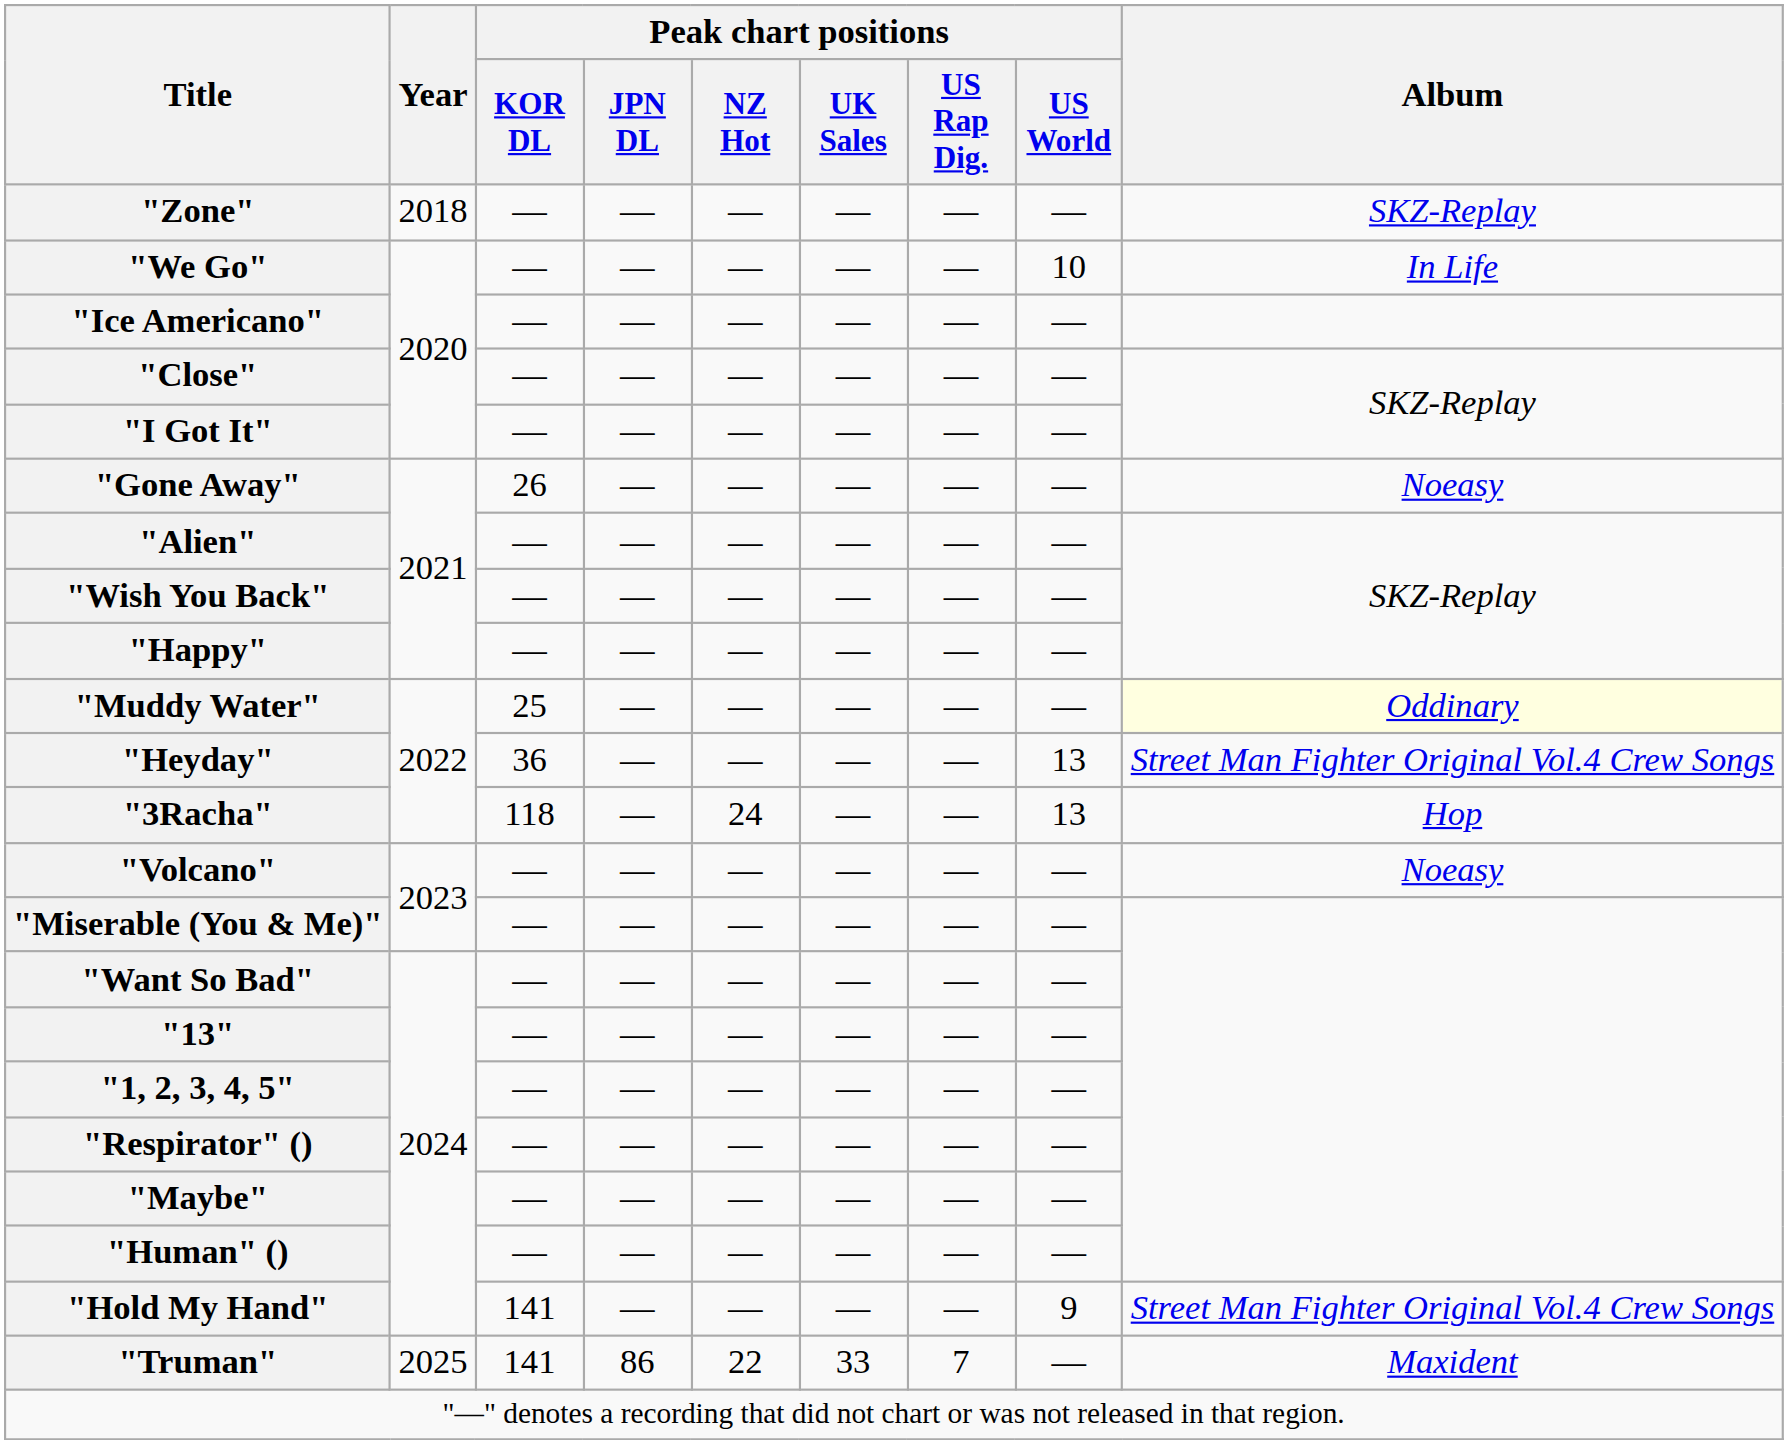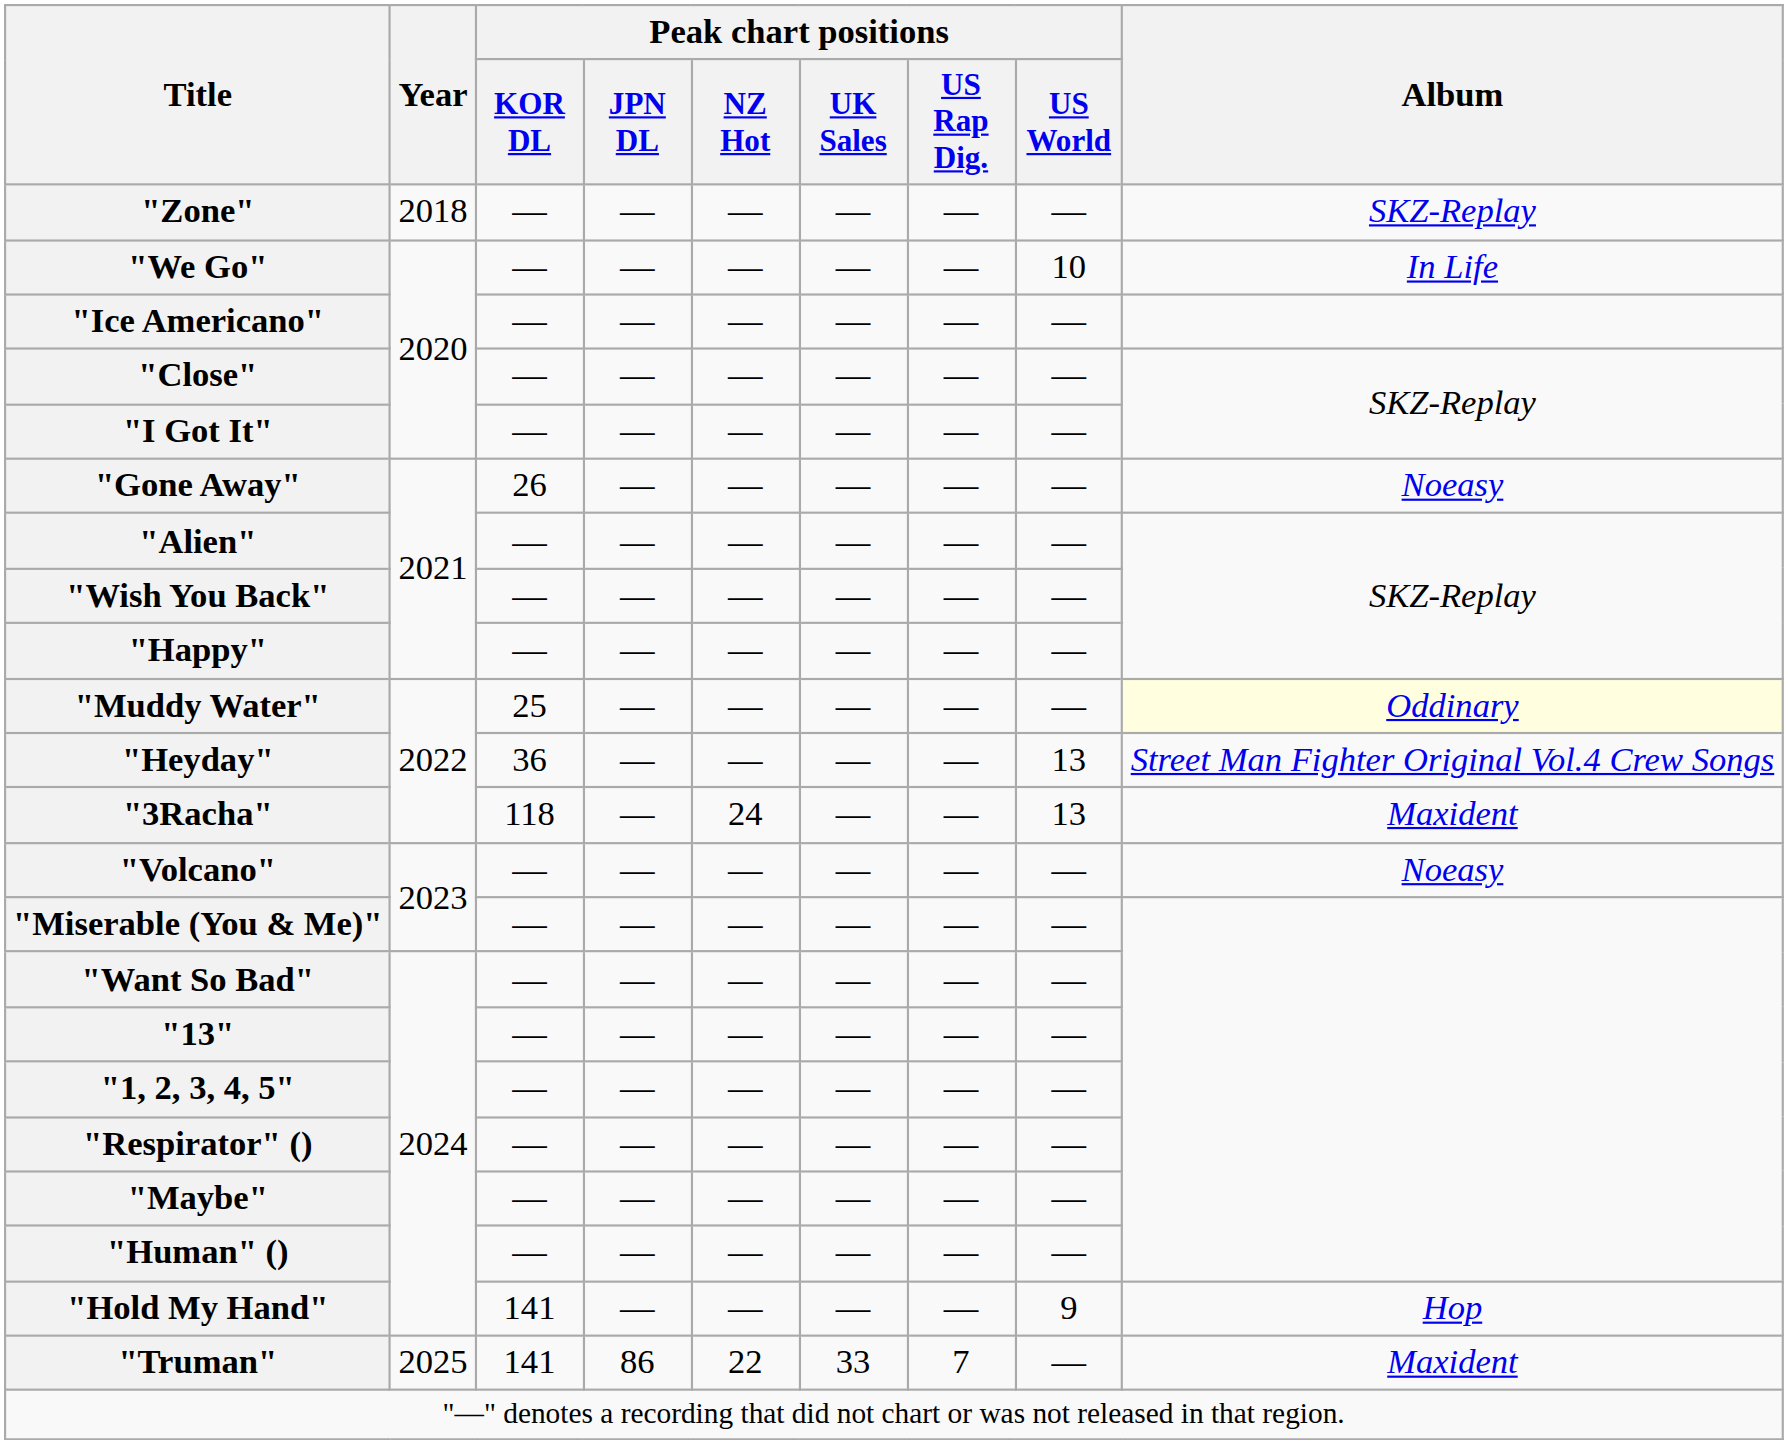 <table class="wikitable plainrowheaders" style="text-align:center">
 <tr>
 <th scope="col" rowspan="2">Title</th>
 <th scope="col" rowspan="2">Year</th>
 <th scope="col" colspan="6">Peak chart positions</th>
 <th scope="col" rowspan="2">Album</th>
 </tr>
 <tr>
 <th scope="col" style="font-size:90%; width:3em"><a href='#'>KOR<br>DL</a><br></th>
 <th scope="col" style="font-size:90%; width:3em"><a href='#'>JPN<br>DL</a><br></th>
 <th scope="col" style="font-size:90%; width:3em"><a href='#'>NZ<br>Hot</a><br></th>
 <th scope="col" style="font-size:90%; width:3em"><a href='#'>UK<br>Sales</a><br></th>
 <th scope="col" style="font-size:90%; width:3em"><a href='#'>US<br>Rap<br>Dig.</a><br></th>
 <th scope="col" style="font-size:90%; width:3em"><a href='#'>US<br>World</a><br></th>
 </tr>
 <tr>
 <th scope="row">"Zone"<br></th>
 <td>2018</td>
 <td>—</td>
 <td>—</td>
 <td>—</td>
 <td>—</td>
 <td>—</td>
 <td>—</td>
 <td><em><a href='#'>SKZ-Replay</a></em></td>
 </tr>
 <tr>
 <th scope="row">"We Go" <br></th>
 <td rowspan="4">2020</td>
 <td>—</td>
 <td>—</td>
 <td>—</td>
 <td>—</td>
 <td>—</td>
 <td>10</td>
 <td><em><a href='#'>In Life</a></em></td>
 </tr>
 <tr>
 <th scope="row">"Ice Americano"<br></th>
 <td>—</td>
 <td>—</td>
 <td>—</td>
 <td>—</td>
 <td>—</td>
 <td>—</td>
 <td></td>
 </tr>
 <tr>
 <th scope="row">"Close"</th>
 <td>—</td>
 <td>—</td>
 <td>—</td>
 <td>—</td>
 <td>—</td>
 <td>—</td>
 <td rowspan="2"><em>SKZ-Replay</em></td>
 </tr>
 <tr>
 <th scope="row">"I Got It"</th>
 <td>—</td>
 <td>—</td>
 <td>—</td>
 <td>—</td>
 <td>—</td>
 <td>—</td>
 </tr>
 <tr>
 <th scope="row">"Gone Away"</th>
 <td rowspan="4">2021</td>
 <td>26</td>
 <td>—</td>
 <td>—</td>
 <td>—</td>
 <td>—</td>
 <td>—</td>
 <td><em><a href='#'>Noeasy</a></em></td>
 </tr>
 <tr>
 <th scope="row">"Alien"</th>
 <td>—</td>
 <td>—</td>
 <td>—</td>
 <td>—</td>
 <td>—</td>
 <td>—</td>
 <td rowspan="3"><em>SKZ-Replay</em></td>
 </tr>
 <tr>
 <th scope="row">"Wish You Back"</th>
 <td>—</td>
 <td>—</td>
 <td>—</td>
 <td>—</td>
 <td>—</td>
 <td>—</td>
 </tr>
 <tr>
 <th scope="row">"Happy"</th>
 <td>—</td>
 <td>—</td>
 <td>—</td>
 <td>—</td>
 <td>—</td>
 <td>—</td>
 </tr>
 <tr>
 <th scope="row">"Muddy Water" <br></th>
 <td rowspan="3">2022</td>
 <td>25</td>
 <td>—</td>
 <td>—</td>
 <td>—</td>
 <td>—</td>
 <td>—</td>
 <td style="background: lightyellow;"><em><a href='#'>Oddinary</a></em></td>
 </tr>
 <tr>
 <th scope="row">"Heyday"<br></th>
 <td>36</td>
 <td>—</td>
 <td>—</td>
 <td>—</td>
 <td>—</td>
 <td>13</td>
 <td><em><a href='#'>Street Man Fighter Original Vol.4 Crew Songs</a></em></td>
 </tr>
 <tr>
 <th scope="row">"3Racha"<br></th>
 <td>118</td>
 <td>—</td>
 <td>24</td>
 <td>—</td>
 <td>—</td>
 <td>13</td>
-<td><em><a href='#'>Hop</a></em></td>
+<td><em><a href='#'>Maxident</a></em></td>
 </tr>
 <tr>
 <th scope="row">"Volcano"</th>
 <td rowspan="2">2023</td>
 <td>—</td>
 <td>—</td>
 <td>—</td>
 <td>—</td>
 <td>—</td>
 <td>—</td>
 <td><em><a href='#'>Noeasy</a></em></td>
 </tr>
 <tr>
 <th scope="row">"Miserable (You & Me)"</th>
 <td>—</td>
 <td>—</td>
 <td>—</td>
 <td>—</td>
 <td>—</td>
 <td>—</td>
 </tr>
 <tr>
 <th scope="row">"Want So Bad"<br></th>
 <td rowspan="7">2024</td>
 <td>—</td>
 <td>—</td>
 <td>—</td>
 <td>—</td>
 <td>—</td>
 <td>—</td>
 </tr>
 <tr>
 <th scope="row">"13"</th>
 <td>—</td>
 <td>—</td>
 <td>—</td>
 <td>—</td>
 <td>—</td>
 <td>—</td>
 </tr>
 <tr>
 <th scope="row">"1, 2, 3, 4, 5"<br></th>
 <td>—</td>
 <td>—</td>
 <td>—</td>
 <td>—</td>
 <td>—</td>
 <td>—</td>
 </tr>
 <tr>
 <th scope="row">"Respirator" ()<br></th>
 <td>—</td>
 <td>—</td>
 <td>—</td>
 <td>—</td>
 <td>—</td>
 <td>—</td>
 </tr>
 <tr>
 <th scope="row">"Maybe"</th>
 <td>—</td>
 <td>—</td>
 <td>—</td>
 <td>—</td>
 <td>—</td>
 <td>—</td>
 </tr>
 <tr>
 <th scope="row">"Human" ()</th>
 <td>—</td>
 <td>—</td>
 <td>—</td>
 <td>—</td>
 <td>—</td>
 <td>—</td>
 </tr>
 <tr>
 <th scope="row">"Hold My Hand"</th>
 <td>141</td>
 <td>—</td>
 <td>—</td>
 <td>—</td>
 <td>—</td>
 <td>9</td>
-<td><em><a href='#'>Street Man Fighter Original Vol.4 Crew Songs</a></em></td>
+<td><em><a href='#'>Hop</a></em></td>
 </tr>
 <tr>
 <th scope="row">"Truman"<br></th>
 <td>2025</td>
 <td>141</td>
 <td>86</td>
 <td>22</td>
 <td>33</td>
 <td>7</td>
 <td>—</td>
 <td><em><a href='#'>Maxident</a></em></td>
 </tr>
 <tr>
 <td colspan="9" style="font-size:85%">"—" denotes a recording that did not chart or was not released in that region.</td>
 </tr>
 </table>
